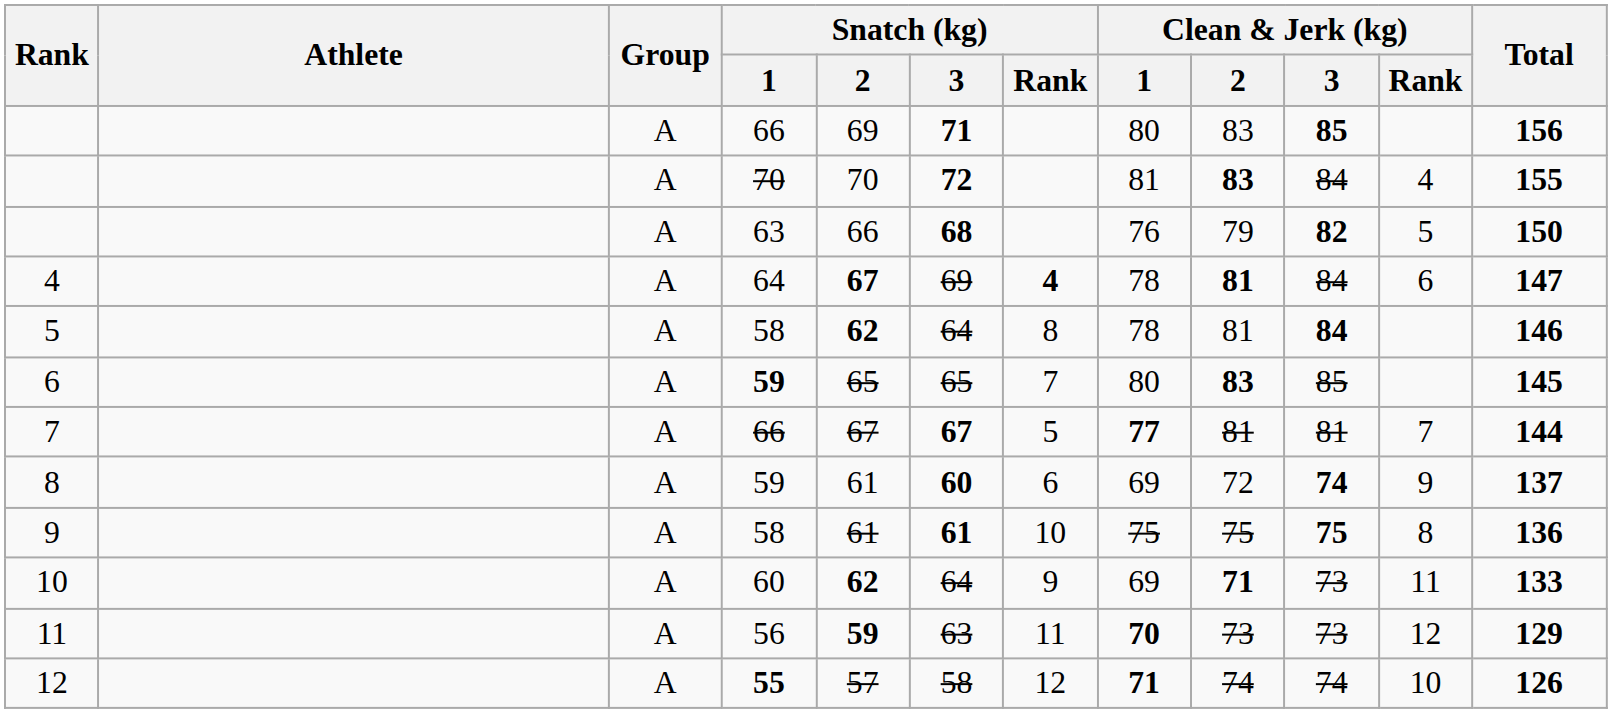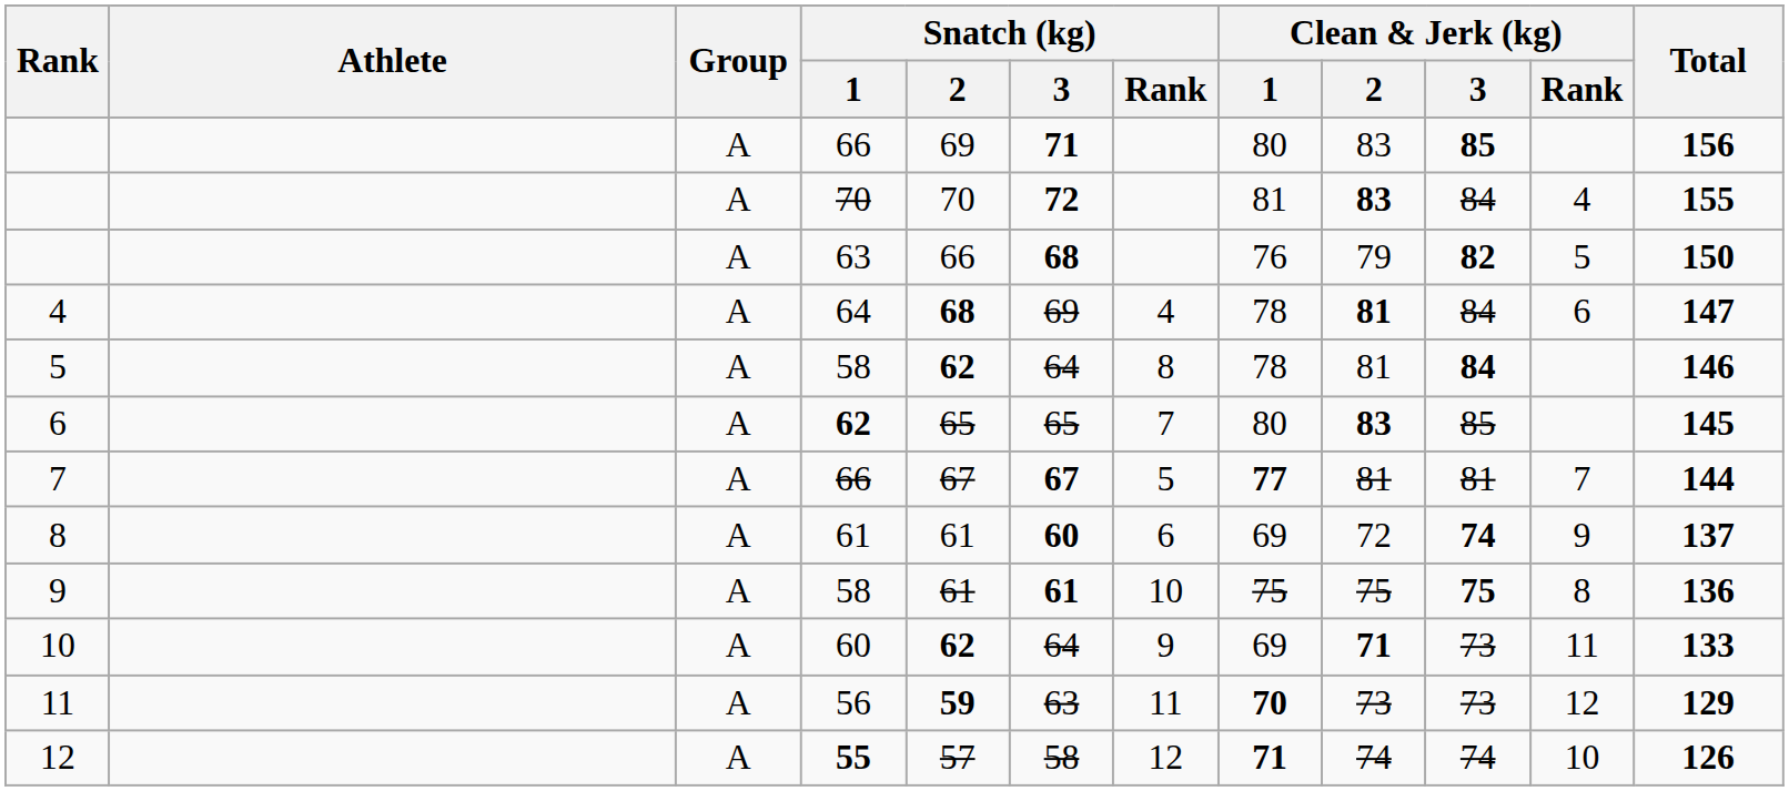 <table class = "wikitable" style="text-align:center;">
 <tr>
 <th rowspan=2 width=40>Rank</th>
 <th rowspan=2 width=250>Athlete</th>
 <th rowspan=2 width=50>Group</th>
 <th colspan=4>Snatch (kg)</th>
 <th colspan=4>Clean & Jerk (kg)</th>
 <th rowspan=2 width=60>Total</th>
 </tr>
 <tr>
 <th width=40>1</th>
 <th width=40>2</th>
 <th width=40>3</th>
 <th width=40>Rank</th>
 <th width=40>1</th>
 <th width=40>2</th>
 <th width=40>3</th>
 <th width=40>Rank</th>
 </tr>
 <tr>
 <td></td>
 <td align=left></td>
 <td>A</td>
 <td>66</td>
 <td>69</td>
 <td><strong>71</strong></td>
 <td></td>
 <td>80</td>
 <td>83</td>
 <td><strong>85</strong></td>
 <td></td>
 <td><strong>156</strong></td>
 </tr>
 <tr>
 <td></td>
 <td align=left></td>
 <td>A</td>
 <td><s>70</s></td>
 <td>70</td>
 <td><strong>72</strong></td>
 <td></td>
 <td>81</td>
 <td><strong>83</strong></td>
 <td><s>84</s></td>
 <td>4</td>
 <td><strong>155</strong></td>
 </tr>
 <tr>
 <td></td>
 <td align=left></td>
 <td>A</td>
 <td>63</td>
 <td>66</td>
 <td><strong>68</strong></td>
 <td></td>
 <td>76</td>
 <td>79</td>
 <td><strong>82</strong></td>
 <td>5</td>
 <td><strong>150</strong></td>
 </tr>
 <tr>
 <td>4</td>
 <td align=left></td>
 <td>A</td>
 <td>64</td>
-<td><strong>67</strong></td>
+<td><strong>68</strong></td>
 <td><s>69</s></td>
-<td><strong>4</strong></td>
+<td>4</td>
 <td>78</td>
 <td><strong>81</strong></td>
 <td><s>84</s></td>
 <td>6</td>
 <td><strong>147</strong></td>
 </tr>
 <tr>
 <td>5</td>
 <td align=left></td>
 <td>A</td>
 <td>58</td>
 <td><strong>62</strong></td>
 <td><s>64</s></td>
 <td>8</td>
 <td>78</td>
 <td>81</td>
 <td><strong>84</strong></td>
 <td></td>
 <td><strong>146</strong></td>
 </tr>
 <tr>
 <td>6</td>
 <td align=left></td>
 <td>A</td>
-<td><strong>59</strong></td>
+<td><strong>62</strong></td>
 <td><s>65</s></td>
 <td><s>65</s></td>
 <td>7</td>
 <td>80</td>
 <td><strong>83</strong></td>
 <td><s>85</s></td>
 <td></td>
 <td><strong>145</strong></td>
 </tr>
 <tr>
 <td>7</td>
 <td align=left></td>
 <td>A</td>
 <td><s>66</s></td>
 <td><s>67</s></td>
 <td><strong>67</strong></td>
 <td>5</td>
 <td><strong>77</strong></td>
 <td><s>81</s></td>
 <td><s>81</s></td>
 <td>7</td>
 <td><strong>144</strong></td>
 </tr>
 <tr>
 <td>8</td>
 <td align=left></td>
 <td>A</td>
-<td>59</td>
+<td>61</td>
 <td>61</td>
 <td><strong>60</strong></td>
 <td>6</td>
 <td>69</td>
 <td>72</td>
 <td><strong>74</strong></td>
 <td>9</td>
 <td><strong>137</strong></td>
 </tr>
 <tr>
 <td>9</td>
 <td align=left></td>
 <td>A</td>
 <td>58</td>
 <td><s>61</s></td>
 <td><strong>61</strong></td>
 <td>10</td>
 <td><s>75</s></td>
 <td><s>75</s></td>
 <td><strong>75</strong></td>
 <td>8</td>
 <td><strong>136</strong></td>
 </tr>
 <tr>
 <td>10</td>
 <td align=left></td>
 <td>A</td>
 <td>60</td>
 <td><strong>62</strong></td>
 <td><s>64</s></td>
 <td>9</td>
 <td>69</td>
 <td><strong>71</strong></td>
 <td><s>73</s></td>
 <td>11</td>
 <td><strong>133</strong></td>
 </tr>
 <tr>
 <td>11</td>
 <td align=left></td>
 <td>A</td>
 <td>56</td>
 <td><strong>59</strong></td>
 <td><s>63</s></td>
 <td>11</td>
 <td><strong>70</strong></td>
 <td><s>73</s></td>
 <td><s>73</s></td>
 <td>12</td>
 <td><strong>129</strong></td>
 </tr>
 <tr>
 <td>12</td>
 <td align=left></td>
 <td>A</td>
 <td><strong>55</strong></td>
 <td><s>57</s></td>
 <td><s>58</s></td>
 <td>12</td>
 <td><strong>71</strong></td>
 <td><s>74</s></td>
 <td><s>74</s></td>
 <td>10</td>
 <td><strong>126</strong></td>
 </tr>
 </table>
